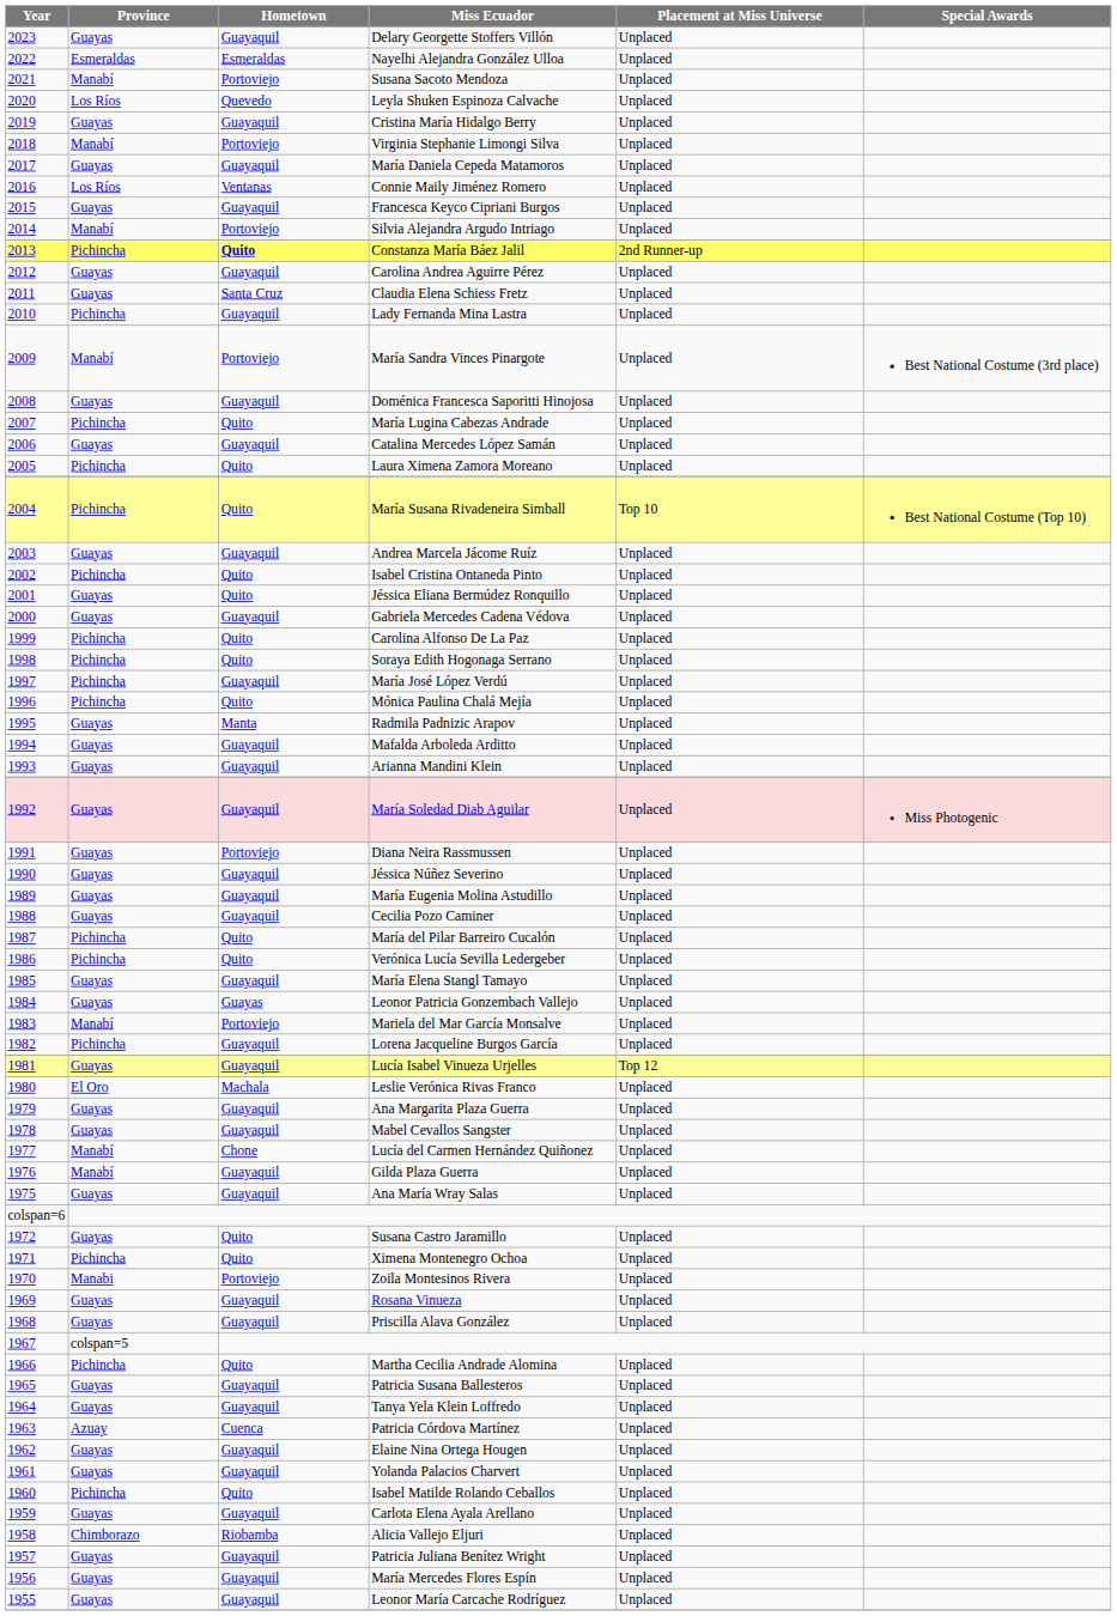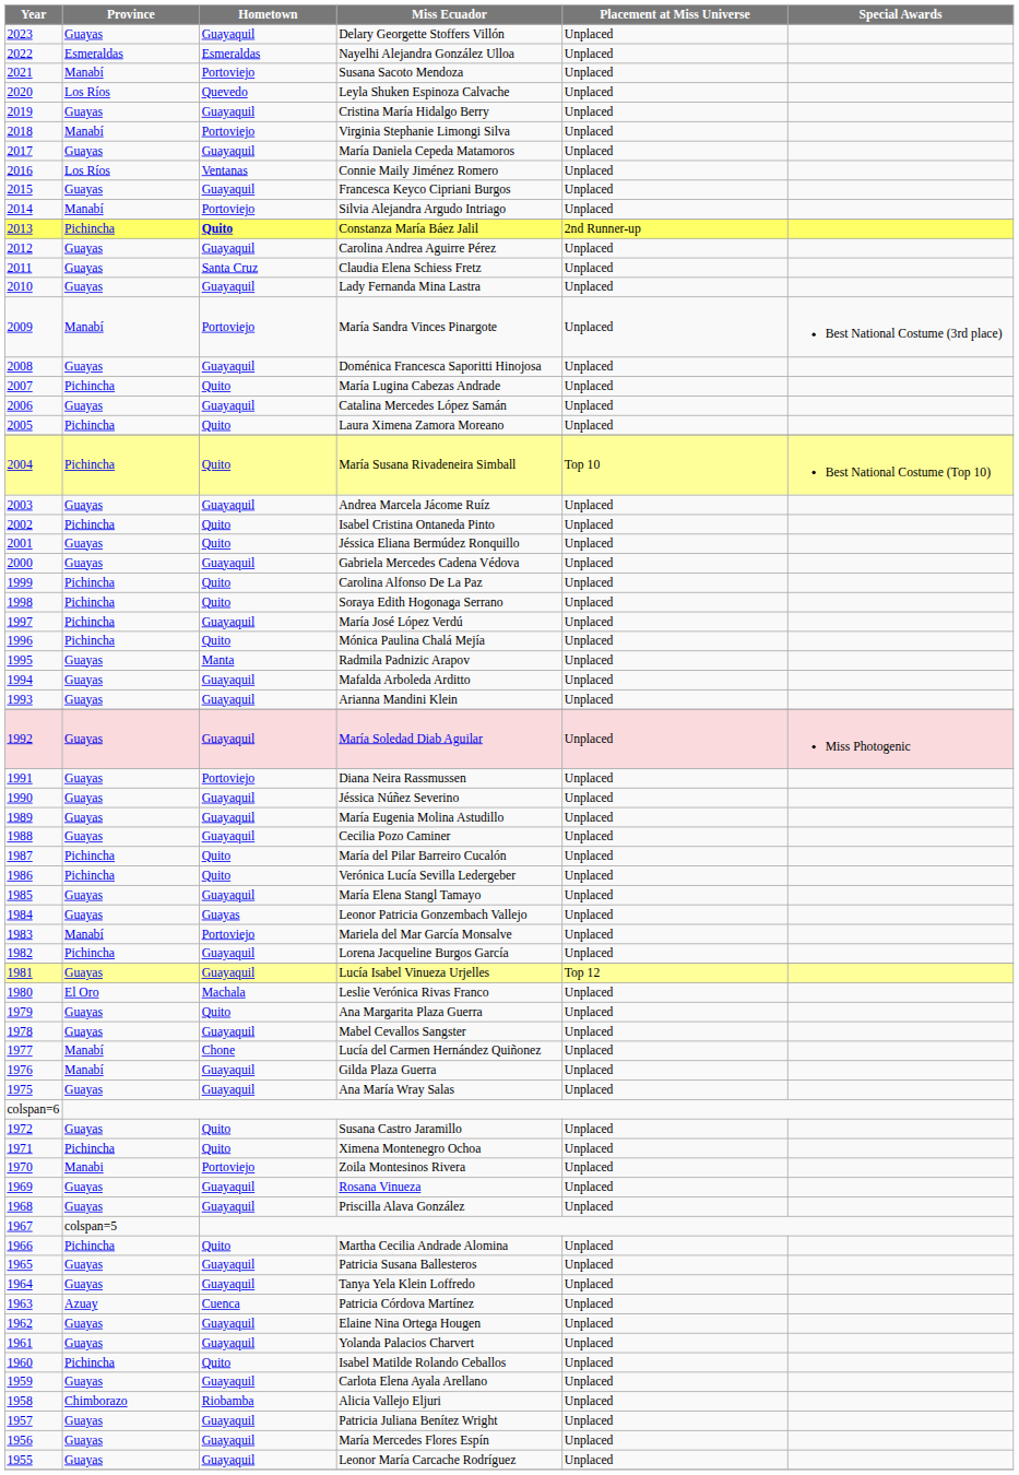 <table class="sortable" border="5" cellpadding="2" cellspacing="0" align=" 0 1em 0 0" style="background: #f9f9f9; border: 1px #aaa solid; border-collapse: collapse; font-size: 90%">
 <tr>
 <th width="60" style="background-color:#787878;color:#FFFFFF;">Year</th>
 <th width="150" style="background-color:#787878;color:#FFFFFF;">Province</th>
 <th width="150" style="background-color:#787878;color:#FFFFFF;">Hometown</th>
 <th width="250" style="background-color:#787878;color:#FFFFFF;">Miss Ecuador</th>
 <th width="250" style="background-color:#787878;color:#FFFFFF;">Placement at Miss Universe</th>
 <th width="250" style="background-color:#787878;color:#FFFFFF;">Special Awards</th>
 </tr>
 <tr>
 <td><a href='#'>2023</a></td>
 <td><a href='#'>Guayas</a></td>
 <td><a href='#'>Guayaquil</a></td>
 <td>Delary Georgette Stoffers Villón</td>
 <td>Unplaced</td>
 <td></td>
 </tr>
 <tr>
 <td><a href='#'>2022</a></td>
 <td><a href='#'>Esmeraldas</a></td>
 <td><a href='#'>Esmeraldas</a></td>
 <td>Nayelhi Alejandra González Ulloa</td>
 <td>Unplaced</td>
 <td></td>
 </tr>
 <tr>
 <td><a href='#'>2021</a></td>
 <td><a href='#'>Manabí</a></td>
 <td><a href='#'>Portoviejo</a></td>
 <td>Susana Sacoto Mendoza</td>
 <td>Unplaced</td>
 <td></td>
 </tr>
 <tr>
 <td><a href='#'>2020</a></td>
 <td><a href='#'>Los Ríos</a></td>
 <td><a href='#'>Quevedo</a></td>
 <td>Leyla Shuken Espinoza Calvache</td>
 <td>Unplaced</td>
 <td></td>
 </tr>
 <tr>
 <td><a href='#'>2019</a></td>
 <td><a href='#'>Guayas</a></td>
 <td><a href='#'>Guayaquil</a></td>
 <td>Cristina María Hidalgo Berry</td>
 <td>Unplaced</td>
 <td></td>
 </tr>
 <tr>
 <td><a href='#'>2018</a></td>
 <td><a href='#'>Manabí</a></td>
 <td><a href='#'>Portoviejo</a></td>
 <td>Virginia Stephanie Limongi Silva</td>
 <td>Unplaced</td>
 <td></td>
 </tr>
 <tr>
 <td><a href='#'>2017</a></td>
 <td><a href='#'>Guayas</a></td>
 <td><a href='#'>Guayaquil</a></td>
 <td>María Daniela Cepeda Matamoros</td>
 <td>Unplaced</td>
 <td></td>
 </tr>
 <tr>
 <td><a href='#'>2016</a></td>
 <td><a href='#'>Los Ríos</a></td>
 <td><a href='#'>Ventanas</a></td>
 <td>Connie Maily Jiménez Romero</td>
 <td>Unplaced</td>
 <td></td>
 </tr>
 <tr>
 <td><a href='#'>2015</a></td>
 <td><a href='#'>Guayas</a></td>
 <td><a href='#'>Guayaquil</a></td>
 <td>Francesca Keyco Cipriani Burgos</td>
 <td>Unplaced</td>
 <td></td>
 </tr>
 <tr>
 <td><a href='#'>2014</a></td>
 <td><a href='#'>Manabí</a></td>
 <td><a href='#'>Portoviejo</a></td>
 <td>Silvia Alejandra Argudo Intriago</td>
 <td>Unplaced</td>
 <td></td>
 </tr>
 <tr>
 </tr>
 <tr style="background-color:#FFFF66;">
 <td><a href='#'>2013</a></td>
 <td><a href='#'>Pichincha</a></td>
 <td><strong><a href='#'>Quito</a></strong></td>
 <td>Constanza María Báez Jalil</td>
 <td>2nd Runner-up</td>
 <td></td>
 </tr>
 <tr>
 <td><a href='#'>2012</a></td>
 <td><a href='#'>Guayas</a></td>
 <td><a href='#'>Guayaquil</a></td>
 <td>Carolina Andrea Aguirre Pérez</td>
 <td>Unplaced</td>
 <td></td>
 </tr>
 <tr>
 <td><a href='#'>2011</a></td>
 <td><a href='#'>Guayas</a></td>
 <td><a href='#'>Santa Cruz</a></td>
 <td>Claudia Elena Schiess Fretz</td>
 <td>Unplaced</td>
 <td></td>
 </tr>
 <tr>
 <td><a href='#'>2010</a></td>
-<td><a href='#'>Pichincha</a></td>
+<td><a href='#'>Guayas</a></td>
 <td><a href='#'>Guayaquil</a></td>
 <td>Lady Fernanda Mina Lastra</td>
 <td>Unplaced</td>
 <td></td>
 </tr>
 <tr>
 <td><a href='#'>2009</a></td>
 <td><a href='#'>Manabí</a></td>
 <td><a href='#'>Portoviejo</a></td>
 <td>María Sandra Vinces Pinargote</td>
 <td>Unplaced</td>
 <td align="left"><br><ul><li>Best National Costume (3rd place)</li></ul></td>
 </tr>
 <tr>
 <td><a href='#'>2008</a></td>
 <td><a href='#'>Guayas</a></td>
 <td><a href='#'>Guayaquil</a></td>
 <td>Doménica Francesca Saporitti Hinojosa</td>
 <td>Unplaced</td>
 <td></td>
 </tr>
 <tr>
 <td><a href='#'>2007</a></td>
 <td><a href='#'>Pichincha</a></td>
 <td><a href='#'>Quito</a></td>
 <td>María Lugina Cabezas Andrade</td>
 <td>Unplaced</td>
 <td></td>
 </tr>
 <tr>
 <td><a href='#'>2006</a></td>
 <td><a href='#'>Guayas</a></td>
 <td><a href='#'>Guayaquil</a></td>
 <td>Catalina Mercedes López Samán</td>
 <td>Unplaced</td>
 <td></td>
 </tr>
 <tr>
 <td><a href='#'>2005</a></td>
 <td><a href='#'>Pichincha</a></td>
 <td><a href='#'>Quito</a></td>
 <td>Laura Ximena Zamora Moreano</td>
 <td>Unplaced</td>
 <td></td>
 </tr>
 <tr>
 </tr>
 <tr style="background-color:#FFFF99;">
 <td><a href='#'>2004</a></td>
 <td><a href='#'>Pichincha</a></td>
 <td><a href='#'>Quito</a></td>
 <td>María Susana Rivadeneira Simball</td>
 <td>Top 10</td>
 <td align="left"><br><ul><li>Best National Costume (Top 10)</li></ul></td>
 </tr>
 <tr>
 <td><a href='#'>2003</a></td>
 <td><a href='#'>Guayas</a></td>
 <td><a href='#'>Guayaquil</a></td>
 <td>Andrea Marcela Jácome Ruíz</td>
 <td>Unplaced</td>
 <td></td>
 </tr>
 <tr>
 <td><a href='#'>2002</a></td>
 <td><a href='#'>Pichincha</a></td>
 <td><a href='#'>Quito</a></td>
 <td>Isabel Cristina Ontaneda Pinto</td>
 <td>Unplaced</td>
 <td></td>
 </tr>
 <tr>
 <td><a href='#'>2001</a></td>
 <td><a href='#'>Guayas</a></td>
 <td><a href='#'>Quito</a></td>
 <td>Jéssica Eliana Bermúdez Ronquillo</td>
 <td>Unplaced</td>
 <td></td>
 </tr>
 <tr>
 <td><a href='#'>2000</a></td>
 <td><a href='#'>Guayas</a></td>
 <td><a href='#'>Guayaquil</a></td>
 <td>Gabriela Mercedes Cadena Védova</td>
 <td>Unplaced</td>
 <td></td>
 </tr>
 <tr>
 <td><a href='#'>1999</a></td>
 <td><a href='#'>Pichincha</a></td>
 <td><a href='#'>Quito</a></td>
 <td>Carolina Alfonso De La Paz</td>
 <td>Unplaced</td>
 <td></td>
 </tr>
 <tr>
 <td><a href='#'>1998</a></td>
 <td><a href='#'>Pichincha</a></td>
 <td><a href='#'>Quito</a></td>
 <td>Soraya Edith Hogonaga Serrano</td>
 <td>Unplaced</td>
 <td></td>
 </tr>
 <tr>
 <td><a href='#'>1997</a></td>
 <td><a href='#'>Pichincha</a></td>
 <td><a href='#'>Guayaquil</a></td>
 <td>María José López Verdú</td>
 <td>Unplaced</td>
 <td></td>
 </tr>
 <tr>
 <td><a href='#'>1996</a></td>
 <td><a href='#'>Pichincha</a></td>
 <td><a href='#'>Quito</a></td>
 <td>Mónica Paulina Chalá Mejía</td>
 <td>Unplaced</td>
 <td></td>
 </tr>
 <tr>
 <td><a href='#'>1995</a></td>
 <td><a href='#'>Guayas</a></td>
 <td><a href='#'>Manta</a></td>
 <td>Radmila Padnizic Arapov</td>
 <td>Unplaced</td>
 <td></td>
 </tr>
 <tr>
 <td><a href='#'>1994</a></td>
 <td><a href='#'>Guayas</a></td>
 <td><a href='#'>Guayaquil</a></td>
 <td>Mafalda Arboleda Arditto</td>
 <td>Unplaced</td>
 <td></td>
 </tr>
 <tr>
 <td><a href='#'>1993</a></td>
 <td><a href='#'>Guayas</a></td>
 <td><a href='#'>Guayaquil</a></td>
 <td>Arianna Mandini Klein</td>
 <td>Unplaced</td>
 <td></td>
 </tr>
 <tr>
 </tr>
 <tr style="background-color:#FADADD;">
 <td><a href='#'>1992</a></td>
 <td><a href='#'>Guayas</a></td>
 <td><a href='#'>Guayaquil</a></td>
 <td><a href='#'>María Soledad Diab Aguilar</a></td>
 <td>Unplaced</td>
 <td align="left"><br><ul><li>Miss Photogenic</li></ul></td>
 </tr>
 <tr>
 <td><a href='#'>1991</a></td>
 <td><a href='#'>Guayas</a></td>
 <td><a href='#'>Portoviejo</a></td>
 <td>Diana Neira Rassmussen</td>
 <td>Unplaced</td>
 </tr>
 <tr>
 <td><a href='#'>1990</a></td>
 <td><a href='#'>Guayas</a></td>
 <td><a href='#'>Guayaquil</a></td>
 <td>Jéssica Núñez Severino</td>
 <td>Unplaced</td>
 <td></td>
 </tr>
 <tr>
 <td><a href='#'>1989</a></td>
 <td><a href='#'>Guayas</a></td>
 <td><a href='#'>Guayaquil</a></td>
 <td>María Eugenia Molina Astudillo</td>
 <td>Unplaced</td>
 <td></td>
 </tr>
 <tr>
 <td><a href='#'>1988</a></td>
 <td><a href='#'>Guayas</a></td>
 <td><a href='#'>Guayaquil</a></td>
 <td>Cecilia Pozo Caminer</td>
 <td>Unplaced</td>
 <td></td>
 </tr>
 <tr>
 <td><a href='#'>1987</a></td>
 <td><a href='#'>Pichincha</a></td>
 <td><a href='#'>Quito</a></td>
 <td>María del Pilar Barreiro Cucalón</td>
 <td>Unplaced</td>
 <td></td>
 </tr>
 <tr>
 <td><a href='#'>1986</a></td>
 <td><a href='#'>Pichincha</a></td>
 <td><a href='#'>Quito</a></td>
 <td>Verónica Lucía Sevilla Ledergeber</td>
 <td>Unplaced</td>
 <td></td>
 </tr>
 <tr>
 <td><a href='#'>1985</a></td>
 <td><a href='#'>Guayas</a></td>
 <td><a href='#'>Guayaquil</a></td>
 <td>María Elena Stangl Tamayo</td>
 <td>Unplaced</td>
 <td></td>
 </tr>
 <tr>
 <td><a href='#'>1984</a></td>
 <td><a href='#'>Guayas</a></td>
 <td><a href='#'>Guayas</a></td>
 <td>Leonor Patricia Gonzembach Vallejo</td>
 <td>Unplaced</td>
 <td></td>
 </tr>
 <tr>
 <td><a href='#'>1983</a></td>
 <td><a href='#'>Manabí</a></td>
 <td><a href='#'>Portoviejo</a></td>
 <td>Mariela del Mar García Monsalve</td>
 <td>Unplaced</td>
 <td></td>
 </tr>
 <tr>
 <td><a href='#'>1982</a></td>
 <td><a href='#'>Pichincha</a></td>
 <td><a href='#'>Guayaquil</a></td>
 <td>Lorena Jacqueline Burgos García</td>
 <td>Unplaced</td>
 <td></td>
 </tr>
 <tr>
 </tr>
 <tr style="background-color:#FFFF99;">
 <td><a href='#'>1981</a></td>
 <td><a href='#'>Guayas</a></td>
 <td><a href='#'>Guayaquil</a></td>
 <td>Lucía Isabel Vinueza Urjelles</td>
 <td>Top 12</td>
 <td></td>
 </tr>
 <tr>
 <td><a href='#'>1980</a></td>
 <td><a href='#'>El Oro</a></td>
 <td><a href='#'>Machala</a></td>
 <td>Leslie Verónica Rivas Franco</td>
 <td>Unplaced</td>
 <td></td>
 </tr>
 <tr>
 <td><a href='#'>1979</a></td>
 <td><a href='#'>Guayas</a></td>
-<td><a href='#'>Guayaquil</a></td>
+<td><a href='#'>Quito</a></td>
 <td>Ana Margarita Plaza Guerra</td>
 <td>Unplaced</td>
 <td></td>
 </tr>
 <tr>
 <td><a href='#'>1978</a></td>
 <td><a href='#'>Guayas</a></td>
 <td><a href='#'>Guayaquil</a></td>
 <td>Mabel Cevallos Sangster</td>
 <td>Unplaced</td>
 <td></td>
 </tr>
 <tr>
 <td><a href='#'>1977</a></td>
 <td><a href='#'>Manabí</a></td>
 <td><a href='#'>Chone</a></td>
 <td>Lucía del Carmen Hernández Quiñonez</td>
 <td>Unplaced</td>
 <td></td>
 </tr>
 <tr>
 <td><a href='#'>1976</a></td>
 <td><a href='#'>Manabí</a></td>
 <td><a href='#'>Guayaquil</a></td>
 <td>Gilda Plaza Guerra</td>
 <td>Unplaced</td>
 <td></td>
 </tr>
 <tr>
 <td><a href='#'>1975</a></td>
 <td><a href='#'>Guayas</a></td>
 <td><a href='#'>Guayaquil</a></td>
 <td>Ana María Wray Salas</td>
 <td>Unplaced</td>
 <td></td>
 </tr>
 <tr>
 <td>colspan=6 </td>
 </tr>
 <tr>
 <td><a href='#'>1972</a></td>
 <td><a href='#'>Guayas</a></td>
 <td><a href='#'>Quito</a></td>
 <td>Susana Castro Jaramillo</td>
 <td>Unplaced</td>
 <td></td>
 </tr>
 <tr>
 <td><a href='#'>1971</a></td>
 <td><a href='#'>Pichincha</a></td>
 <td><a href='#'>Quito</a></td>
 <td>Ximena Montenegro Ochoa</td>
 <td>Unplaced</td>
 <td></td>
 </tr>
 <tr>
 <td><a href='#'>1970</a></td>
 <td><a href='#'>Manabi</a></td>
 <td><a href='#'>Portoviejo</a></td>
 <td>Zoila Montesinos Rivera</td>
 <td>Unplaced</td>
 <td></td>
 </tr>
 <tr>
 <td><a href='#'>1969</a></td>
 <td><a href='#'>Guayas</a></td>
 <td><a href='#'>Guayaquil</a></td>
 <td><a href='#'>Rosana Vinueza</a></td>
 <td>Unplaced</td>
 <td></td>
 </tr>
 <tr>
 <td><a href='#'>1968</a></td>
 <td><a href='#'>Guayas</a></td>
 <td><a href='#'>Guayaquil</a></td>
 <td>Priscilla Alava González</td>
 <td>Unplaced</td>
 <td></td>
 </tr>
 <tr>
 <td><a href='#'>1967</a></td>
 <td>colspan=5 </td>
 </tr>
 <tr>
 <td><a href='#'>1966</a></td>
 <td><a href='#'>Pichincha</a></td>
 <td><a href='#'>Quito</a></td>
 <td>Martha Cecilia Andrade Alomina</td>
 <td>Unplaced</td>
 <td></td>
 </tr>
 <tr>
 <td><a href='#'>1965</a></td>
 <td><a href='#'>Guayas</a></td>
 <td><a href='#'>Guayaquil</a></td>
 <td>Patricia Susana Ballesteros</td>
 <td>Unplaced</td>
 <td></td>
 </tr>
 <tr>
 <td><a href='#'>1964</a></td>
 <td><a href='#'>Guayas</a></td>
 <td><a href='#'>Guayaquil</a></td>
 <td>Tanya Yela Klein Loffredo</td>
 <td>Unplaced</td>
 <td></td>
 </tr>
 <tr>
 <td><a href='#'>1963</a></td>
 <td><a href='#'>Azuay</a></td>
 <td><a href='#'>Cuenca</a></td>
 <td>Patricia Córdova Martínez</td>
 <td>Unplaced</td>
 <td></td>
 </tr>
 <tr>
 <td><a href='#'>1962</a></td>
 <td><a href='#'>Guayas</a></td>
 <td><a href='#'>Guayaquil</a></td>
 <td>Elaine Nina Ortega Hougen</td>
 <td>Unplaced</td>
 <td></td>
 </tr>
 <tr>
 <td><a href='#'>1961</a></td>
 <td><a href='#'>Guayas</a></td>
 <td><a href='#'>Guayaquil</a></td>
 <td>Yolanda Palacios Charvert</td>
 <td>Unplaced</td>
 <td></td>
 </tr>
 <tr>
 <td><a href='#'>1960</a></td>
 <td><a href='#'>Pichincha</a></td>
 <td><a href='#'>Quito</a></td>
 <td>Isabel Matilde Rolando Ceballos</td>
 <td>Unplaced</td>
 <td></td>
 </tr>
 <tr>
 <td><a href='#'>1959</a></td>
 <td><a href='#'>Guayas</a></td>
 <td><a href='#'>Guayaquil</a></td>
 <td>Carlota Elena Ayala Arellano</td>
 <td>Unplaced</td>
 <td></td>
 </tr>
 <tr>
 <td><a href='#'>1958</a></td>
 <td><a href='#'>Chimborazo</a></td>
 <td><a href='#'>Riobamba</a></td>
 <td>Alicia Vallejo Eljuri</td>
 <td>Unplaced</td>
 <td></td>
 </tr>
 <tr>
 <td><a href='#'>1957</a></td>
 <td><a href='#'>Guayas</a></td>
 <td><a href='#'>Guayaquil</a></td>
 <td>Patricia Juliana Benítez Wright</td>
 <td>Unplaced</td>
 <td></td>
 </tr>
 <tr>
 <td><a href='#'>1956</a></td>
 <td><a href='#'>Guayas</a></td>
 <td><a href='#'>Guayaquil</a></td>
 <td>María Mercedes Flores Espín</td>
 <td>Unplaced</td>
 <td></td>
 </tr>
 <tr>
 <td><a href='#'>1955</a></td>
 <td><a href='#'>Guayas</a></td>
 <td><a href='#'>Guayaquil</a></td>
 <td>Leonor María Carcache Rodríguez</td>
 <td>Unplaced</td>
 <td></td>
 </tr>
 <tr>
 </tr>
 </table>
